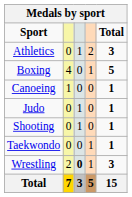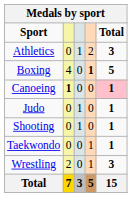 <table class="wikitable" style="font-size:85%">
 <tr style="background:#efefef;">
 <th colspan=7><strong>Medals by sport</strong></th>
 </tr>
 <tr align=center>
 <td><strong>Sport</strong></td>
 <td bgcolor=#f7f6a8></td>
 <td bgcolor=#dce5e5></td>
 <td bgcolor=#ffdab9></td>
 <td><strong>Total</strong></td>
 </tr>
 <tr align=center>
 <td><a href='#'>Athletics</a></td>
 <td style="background:#F7F6A8;">0</td>
 <td style="background:#DCE5E5;">1</td>
 <td style="background:#FFDAB9;">2</td>
 <td><strong>3</strong></td>
 </tr>
 <tr align=center>
 <td><a href='#'>Boxing</a></td>
 <td style="background:#F7F6A8;">4</td>
 <td style="background:#DCE5E5;">0</td>
-<td style="background:#FFDAB9;">1</td>
+<td style="background:#FFDAB9;"><strong>1</strong></td>
 <td><strong>5</strong></td>
 </tr>
 <tr align=center>
 <td><a href='#'>Canoeing</a></td>
-<td style="background:#F7F6A8;">1</td>
+<td style="background:#F7F6A8;"><strong>1</strong></td>
 <td style="background:#DCE5E5;">0</td>
 <td style="background:#FFDAB9;">0</td>
-<td><strong>1</strong></td>
+<td style="background: pink;"><strong>1</strong></td>
 </tr>
 <tr align=center>
 <td><a href='#'>Judo</a></td>
 <td style="background:#F7F6A8;">0</td>
 <td style="background:#DCE5E5;">1</td>
 <td style="background:#FFDAB9;">0</td>
 <td><strong>1</strong></td>
 </tr>
 <tr align=center>
 <td><a href='#'>Shooting</a></td>
 <td style="background:#F7F6A8;">0</td>
 <td style="background:#DCE5E5;">1</td>
 <td style="background:#FFDAB9;">0</td>
 <td><strong>1</strong></td>
 </tr>
 <tr align=center>
 <td><a href='#'>Taekwondo</a></td>
 <td style="background:#F7F6A8;">0</td>
 <td style="background:#DCE5E5;">0</td>
 <td style="background:#FFDAB9;">1</td>
 <td><strong>1</strong></td>
 </tr>
 <tr align=center>
 <td><a href='#'>Wrestling</a></td>
 <td style="background:#F7F6A8;">2</td>
-<td style="background:#DCE5E5;"><strong>0</strong></td>
+<td style="background:#DCE5E5;">0</td>
 <td style="background:#FFDAB9;">1</td>
 <td><strong>3</strong></td>
 </tr>
 <tr align=center>
 <th><strong>Total</strong></th>
 <th style="background:gold;"><strong>7</strong></th>
 <th style="background:silver;"><strong>3</strong></th>
 <th style="background:#c96;"><strong>5</strong></th>
 <th><strong>15</strong></th>
 </tr>
 </table>
